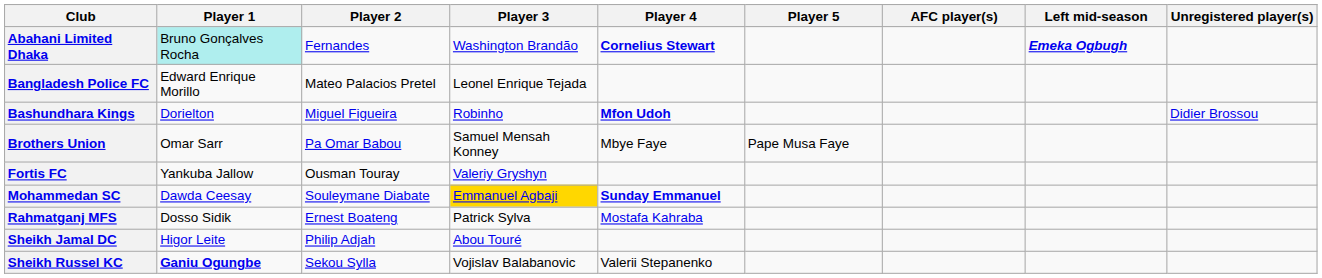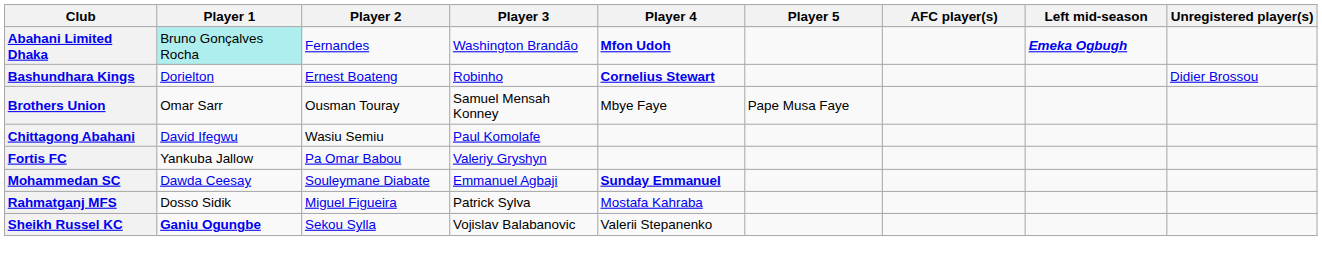 <table class="wikitable sortable" style="font-size:80%;">
 <tr>
 <th width="160">Club</th>
 <th width="160">Player 1</th>
 <th width="160">Player 2</th>
 <th width="160">Player 3</th>
 <th width="160">Player 4</th>
 <th width="160">Player 5</th>
 <th width="160">AFC player(s)</th>
 <th width="160">Left mid-season</th>
 <th width="160">Unregistered player(s)</th>
 </tr>
 <tr>
 <th scope=row style="text-align: left;"><a href='#'>Abahani Limited Dhaka</a></th>
 <td style="background: paleturquoise;"> Bruno Gonçalves Rocha</td>
 <td> <a href='#'>Fernandes</a></td>
 <td> <a href='#'>Washington Brandão</a></td>
-<td><strong> <a href='#'>Cornelius Stewart</a></strong></td>
+<td> <strong><a href='#'>Mfon Udoh</a></strong></td>
 <td></td>
 <td></td>
 <td><strong><em> <a href='#'>Emeka Ogbugh</a></em></strong></td>
 <td></td>
 </tr>
 <tr>
-<th scope=row style="text-align: left;"><a href='#'>Bangladesh Police FC</a></th>
-<td> Edward Enrique Morillo</td>
-<td> Mateo Palacios Pretel</td>
-<td> Leonel Enrique Tejada</td>
-<td></td>
-<td></td>
-<td></td>
-<td><em></em></td>
-<td></td>
-</tr>
-<tr>
 <th scope=row style="text-align: left;"><a href='#'>Bashundhara Kings</a></th>
 <td> <a href='#'>Dorielton</a></td>
-<td> <a href='#'>Miguel Figueira</a></td>
+<td> <a href='#'>Ernest Boateng</a></td>
 <td> <a href='#'>Robinho</a></td>
-<td> <strong><a href='#'>Mfon Udoh</a></strong></td>
+<td><strong> <a href='#'>Cornelius Stewart</a></strong></td>
 <td></td>
 <td></td>
 <td></td>
 <td> <a href='#'>Didier Brossou</a></td>
 </tr>
 <tr>
 <th scope=row style="text-align: left;"><a href='#'>Brothers Union</a></th>
 <td> Omar Sarr</td>
-<td> <a href='#'>Pa Omar Babou</a></td>
+<td> Ousman Touray</td>
 <td> Samuel Mensah Konney</td>
 <td> Mbye Faye</td>
 <td> Pape Musa Faye</td>
 <td></td>
 <td><em></em></td>
 <td></td>
 </tr>
 <tr>
+<th scope=row style="text-align: left;"><a href='#'>Chittagong Abahani</a></th>
+<td> <a href='#'>David Ifegwu</a></td>
+<td> Wasiu Semiu</td>
+<td> <a href='#'>Paul Komolafe</a></td>
+<td></td>
+<td></td>
+<td></td>
+<td></td>
+<td></td>
+</tr>
+<tr>
 <th scope=row style="text-align: left;"><a href='#'>Fortis FC</a></th>
 <td> Yankuba Jallow</td>
-<td> Ousman Touray</td>
+<td> <a href='#'>Pa Omar Babou</a></td>
 <td> <a href='#'>Valeriy Gryshyn</a></td>
 <td></td>
 <td></td>
 <td></td>
 <td></td>
 <td></td>
 </tr>
 <tr>
 <th scope=row style="text-align: left;"><a href='#'>Mohammedan SC</a></th>
 <td> <a href='#'>Dawda Ceesay</a></td>
 <td> <a href='#'>Souleymane Diabate</a></td>
-<td style="background: gold;"> <a href='#'>Emmanuel Agbaji</a></td>
+<td> <a href='#'>Emmanuel Agbaji</a></td>
 <td><strong> <a href='#'>Sunday Emmanuel</a></strong></td>
 <td></td>
 <td></td>
 <td><em></em></td>
 <td></td>
 </tr>
 <tr>
 <th scope=row style="text-align: left;"><a href='#'>Rahmatganj MFS</a></th>
 <td> Dosso Sidik</td>
-<td> <a href='#'>Ernest Boateng</a></td>
+<td> <a href='#'>Miguel Figueira</a></td>
 <td> Patrick Sylva</td>
 <td> <a href='#'>Mostafa Kahraba</a></td>
 <td></td>
 <td></td>
 <td></td>
-<td></td>
-</tr>
-<tr>
-<th scope=row style="text-align: left;"><a href='#'>Sheikh Jamal DC</a></th>
-<td> <a href='#'>Higor Leite</a></td>
-<td> <a href='#'>Philip Adjah</a></td>
-<td> <a href='#'>Abou Touré</a></td>
-<td></td>
-<td></td>
-<td></td>
-<td><em></em></td>
 <td></td>
 </tr>
 <tr>
 <th scope=row style="text-align: left;"><a href='#'>Sheikh Russel KC</a></th>
 <td><strong> <a href='#'>Ganiu Ogungbe</a></strong></td>
 <td><strong></strong> <a href='#'>Sekou Sylla</a><strong></strong></td>
 <td> Vojislav Balabanovic</td>
 <td> Valerii Stepanenko</td>
 <td></td>
 <td></td>
 <td><em></em></td>
 <td></td>
 </tr>
 </table>
